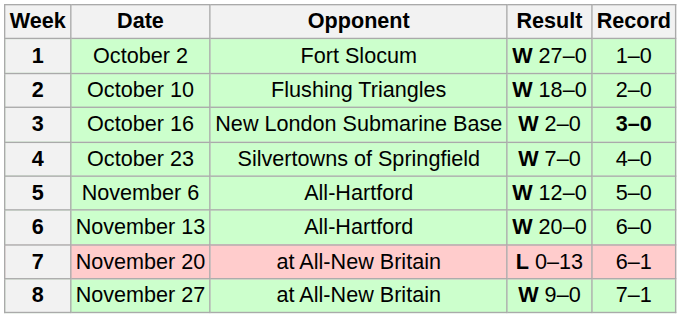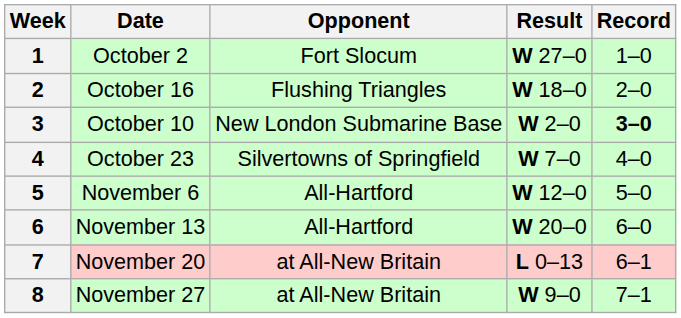 <table class="wikitable" style="text-align:center">
 <tr>
 <th>Week</th>
 <th>Date</th>
 <th>Opponent</th>
 <th>Result</th>
 <th>Record</th>
 </tr>
 <tr style="background:#cfc">
 <th>1</th>
 <td>October 2</td>
 <td>Fort Slocum</td>
 <td><strong>W</strong> 27–0</td>
 <td>1–0</td>
 </tr>
 <tr style="background:#cfc">
 <th>2</th>
-<td>October 10</td>
+<td>October 16</td>
 <td>Flushing Triangles</td>
 <td><strong>W</strong> 18–0</td>
 <td>2–0</td>
 </tr>
 <tr style="background:#cfc">
 <th>3</th>
-<td>October 16</td>
+<td>October 10</td>
 <td>New London Submarine Base</td>
 <td><strong>W</strong> 2–0</td>
 <td><strong>3–0</strong></td>
 </tr>
 <tr style="background:#cfc">
 <th>4</th>
 <td>October 23</td>
 <td>Silvertowns of Springfield</td>
 <td><strong>W</strong> 7–0</td>
 <td>4–0</td>
 </tr>
 <tr style="background:#cfc">
 <th>5</th>
 <td>November 6</td>
 <td>All-Hartford</td>
 <td><strong>W</strong> 12–0</td>
 <td>5–0</td>
 </tr>
 <tr style="background:#cfc">
 <th>6</th>
 <td>November 13</td>
 <td>All-Hartford</td>
 <td><strong>W</strong> 20–0</td>
 <td>6–0</td>
 </tr>
 <tr style="background:#fcc">
 <th>7</th>
 <td>November 20</td>
 <td>at All-New Britain</td>
 <td><strong>L</strong> 0–13</td>
 <td>6–1</td>
 </tr>
 <tr style="background:#cfc">
 <th>8</th>
 <td>November 27</td>
 <td>at All-New Britain</td>
 <td><strong>W</strong> 9–0</td>
 <td>7–1</td>
 </tr>
 </table>
